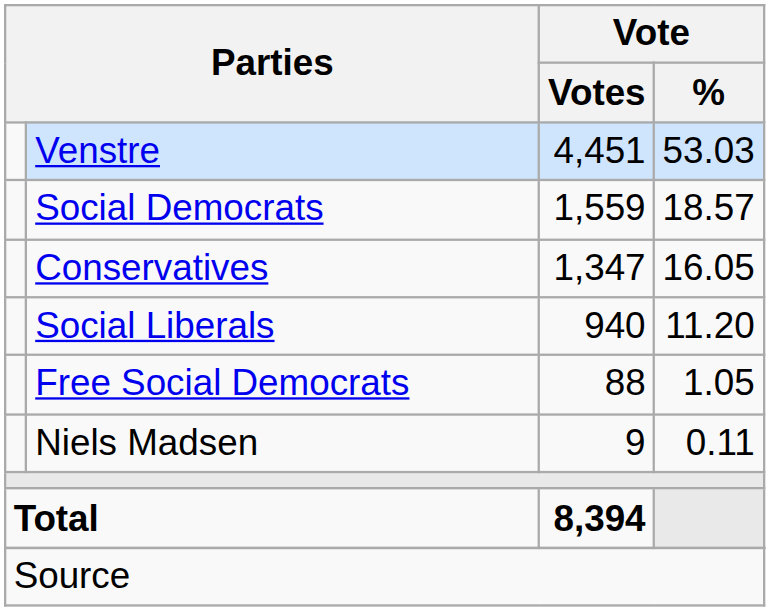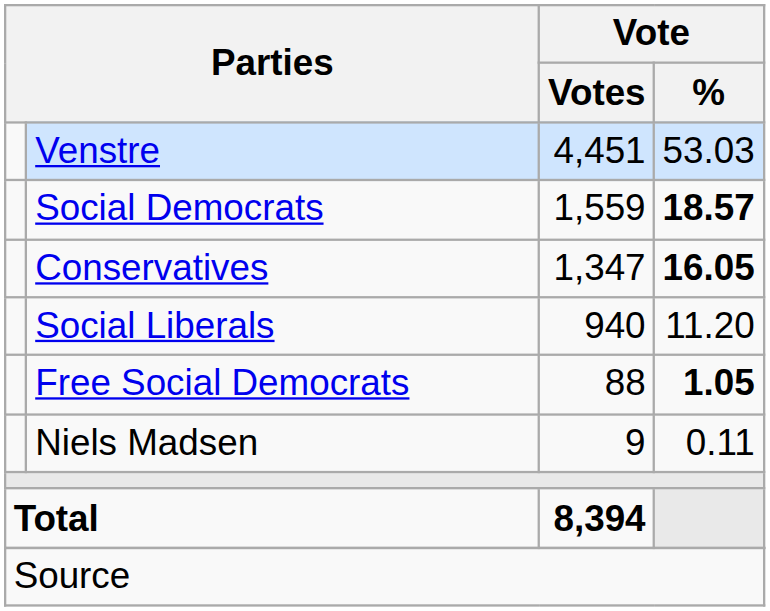 <table class="wikitable" style="text-align:right;">
 <tr>
 <th style="text-align:centre;" rowspan="2" colspan="2" width="225">Parties</th>
 <th colspan="3">Vote</th>
 </tr>
 <tr>
 <th width="15">Votes</th>
 <th width="15">%</th>
 </tr>
 <tr>
 <td width="2" style="color:inherit;background:"></td>
 <td bgcolor=#cfe5fe  align="left"><a href='#'>Venstre</a></td>
 <td bgcolor=#cfe5fe>4,451</td>
 <td bgcolor=#cfe5fe>53.03</td>
 </tr>
 <tr>
 <td width="2" style="color:inherit;background:"></td>
 <td align="left"><a href='#'>Social Democrats</a></td>
 <td>1,559</td>
-<td>18.57</td>
+<td><strong>18.57</strong></td>
 </tr>
 <tr>
 <td width="2" style="color:inherit;background:"></td>
 <td align="left"><a href='#'>Conservatives</a></td>
 <td>1,347</td>
-<td>16.05</td>
+<td><strong>16.05</strong></td>
 </tr>
 <tr>
 <td width="2" style="color:inherit;background:"></td>
 <td align="left"><a href='#'>Social Liberals</a></td>
 <td>940</td>
 <td>11.20</td>
 </tr>
 <tr>
 <td width="2" style="color:inherit;background:"></td>
 <td align="left"><a href='#'>Free Social Democrats</a></td>
 <td>88</td>
-<td>1.05</td>
+<td><strong>1.05</strong></td>
 </tr>
 <tr>
 <td width="2" style="color:inherit;background:"></td>
 <td align="left">Niels Madsen</td>
 <td>9</td>
 <td>0.11</td>
 </tr>
 <tr>
 <td colspan="7" bgcolor="#E9E9E9"></td>
 </tr>
 <tr>
 <td align="left" colspan="2"><strong>Total</strong></td>
 <td><strong>8,394</strong></td>
 <td bgcolor="#E9E9E9" colspan="2"></td>
 </tr>
 <tr>
 </tr>
 <tr>
 <td align="left" colspan="6">Source</td>
 </tr>
 </table>
